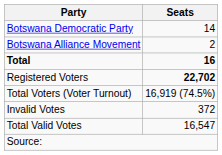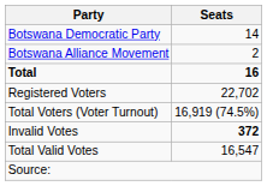 <table class=wikitable style=text-align:right>
 <tr>
 <th>Party</th>
 <th>Seats</th>
 </tr>
 <tr>
 <td align=left><a href='#'>Botswana Democratic Party</a></td>
 <td>14</td>
 </tr>
 <tr>
 <td align=left><a href='#'>Botswana Alliance Movement</a></td>
 <td>2</td>
 </tr>
 <tr>
 <td align=left><strong>Total</strong></td>
 <td><strong>16</strong></td>
 </tr>
 <tr>
 <td align=left>Registered Voters</td>
-<td><strong>22,702</strong></td>
+<td>22,702</td>
 </tr>
 <tr>
 <td align=left>Total Voters (Voter Turnout)</td>
 <td>16,919 (74.5%)</td>
 </tr>
 <tr>
 <td align=left>Invalid Votes</td>
-<td>372</td>
+<td><strong>372</strong></td>
 </tr>
 <tr>
 <td align=left>Total Valid Votes</td>
 <td>16,547</td>
 </tr>
 <tr>
 <td colspan=4 align=left>Source: </td>
 </tr>
 </table>
